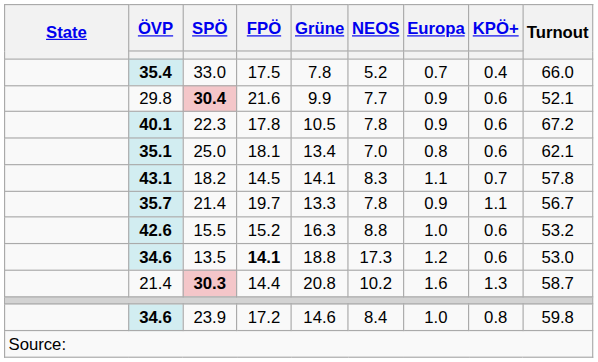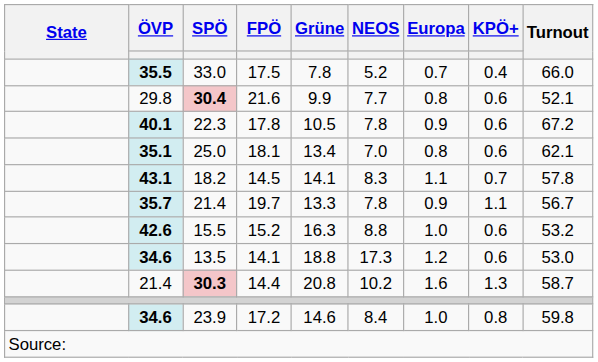 <table class="wikitable sortable" style="text-align:center;font-size:90%;line-height:16px">
 <tr style="height:40px;">
 <th style="width:100px;" rowspan="2"><a href='#'>State</a></th>
 <th style="width:40px;"><a href='#'>ÖVP</a></th>
 <th style="width:40px;"><a href='#'>SPÖ</a></th>
 <th style="width:40px;"><a href='#'>FPÖ</a></th>
 <th style="width:40px;"><a href='#'>Grüne</a></th>
 <th style="width:40px;"><a href='#'>NEOS</a></th>
 <th style="width:40px;"><a href='#'>Europa</a></th>
 <th style="width:40px;"><a href='#'>KPÖ+</a></th>
 <th class="unsortable" style="width:40px;" rowspan="2">Turnout</th>
 </tr>
 <tr>
 <th style="background:"></th>
 <th style="background:"></th>
 <th style="background:"></th>
 <th style="background:"></th>
 <th style="background:"></th>
 <th style="background:"></th>
 <th style="background:"></th>
 </tr>
 <tr>
 <td align=left></td>
-<td bgcolor=#D2EDF1><strong>35.4</strong></td>
+<td bgcolor=#D2EDF1><strong>35.5</strong></td>
 <td>33.0</td>
 <td>17.5</td>
 <td>7.8</td>
 <td>5.2</td>
 <td>0.7</td>
 <td>0.4</td>
 <td>66.0</td>
 </tr>
 <tr>
 <td align=left></td>
 <td>29.8</td>
 <td bgcolor=#F4C6C9><strong>30.4</strong></td>
 <td>21.6</td>
 <td>9.9</td>
 <td>7.7</td>
-<td>0.9</td>
+<td>0.8</td>
 <td>0.6</td>
 <td>52.1</td>
 </tr>
 <tr>
 <td align=left></td>
 <td bgcolor=#D2EDF1><strong>40.1</strong></td>
 <td>22.3</td>
 <td>17.8</td>
 <td>10.5</td>
 <td>7.8</td>
 <td>0.9</td>
 <td>0.6</td>
 <td>67.2</td>
 </tr>
 <tr>
 <td align=left></td>
 <td bgcolor=#D2EDF1><strong>35.1</strong></td>
 <td>25.0</td>
 <td>18.1</td>
 <td>13.4</td>
 <td>7.0</td>
 <td>0.8</td>
 <td>0.6</td>
 <td>62.1</td>
 </tr>
 <tr>
 <td align=left></td>
 <td bgcolor=#D2EDF1><strong>43.1</strong></td>
 <td>18.2</td>
 <td>14.5</td>
 <td>14.1</td>
 <td>8.3</td>
 <td>1.1</td>
 <td>0.7</td>
 <td>57.8</td>
 </tr>
 <tr>
 <td align=left></td>
 <td bgcolor=#D2EDF1><strong>35.7</strong></td>
 <td>21.4</td>
 <td>19.7</td>
 <td>13.3</td>
 <td>7.8</td>
 <td>0.9</td>
 <td>1.1</td>
 <td>56.7</td>
 </tr>
 <tr>
 <td align=left></td>
 <td bgcolor=#D2EDF1><strong>42.6</strong></td>
 <td>15.5</td>
 <td>15.2</td>
 <td>16.3</td>
 <td>8.8</td>
 <td>1.0</td>
 <td>0.6</td>
 <td>53.2</td>
 </tr>
 <tr>
 <td align=left></td>
 <td bgcolor=#D2EDF1><strong>34.6</strong></td>
 <td>13.5</td>
-<td><strong>14.1</strong></td>
+<td>14.1</td>
 <td>18.8</td>
 <td>17.3</td>
 <td>1.2</td>
 <td>0.6</td>
 <td>53.0</td>
 </tr>
 <tr>
 <td align=left></td>
 <td>21.4</td>
 <td bgcolor=#F4C6C9><strong>30.3</strong></td>
 <td>14.4</td>
 <td>20.8</td>
 <td>10.2</td>
 <td>1.6</td>
 <td>1.3</td>
 <td>58.7</td>
 </tr>
 <tr>
 <td colspan=10 bgcolor=lightgrey></td>
 </tr>
 <tr>
 <td align=left></td>
 <td bgcolor=#D2EDF1><strong>34.6</strong></td>
 <td>23.9</td>
 <td>17.2</td>
 <td>14.6</td>
 <td>8.4</td>
 <td>1.0</td>
 <td>0.8</td>
 <td>59.8</td>
 </tr>
 <tr class=sortbottom>
 <td colspan=10 align=left>Source:  </td>
 </tr>
 </table>
